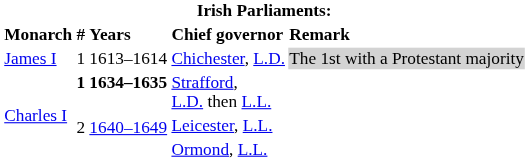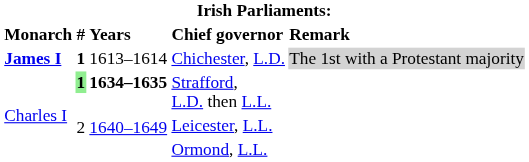 <table>
 <tr>
 <th colspan=5>Irish Parliaments:</th>
 </tr>
 <tr>
 <th>Monarch</th>
 <th align=left>#</th>
 <th align=left>Years</th>
 <th align=left>Chief governor</th>
 <th align=left>Remark</th>
 </tr>
 <tr>
-<td><a href='#'>James I</a></td>
-<td>1</td>
+<td><strong><a href='#'>James I</a></strong></td>
+<td><strong>1</strong></td>
 <td>1613–1614</td>
 <td><a href='#'>Chichester</a>, <a href='#'>L.D.</a></td>
 <td style="background: lightgrey;">The 1st with a Protestant majority</td>
 </tr>
 <tr>
 <td rowspan=4><a href='#'>Charles I</a></td>
-<td><strong>1</strong></td>
+<td style="background: lightgreen;"><strong>1</strong></td>
 <td><strong>1634–1635</strong></td>
 <td rowspan=2><a href='#'>Strafford</a>,<br><a href='#'>L.D.</a> then <a href='#'>L.L.</a></td>
 </tr>
 <tr>
 <td rowspan=3>2</td>
 <td rowspan=3><a href='#'>1640–1649</a></td>
 </tr>
 <tr>
 <td><a href='#'>Leicester</a>, <a href='#'>L.L.</a></td>
 </tr>
 <tr>
 <td><a href='#'>Ormond</a>, <a href='#'>L.L.</a></td>
 </tr>
 </table>
